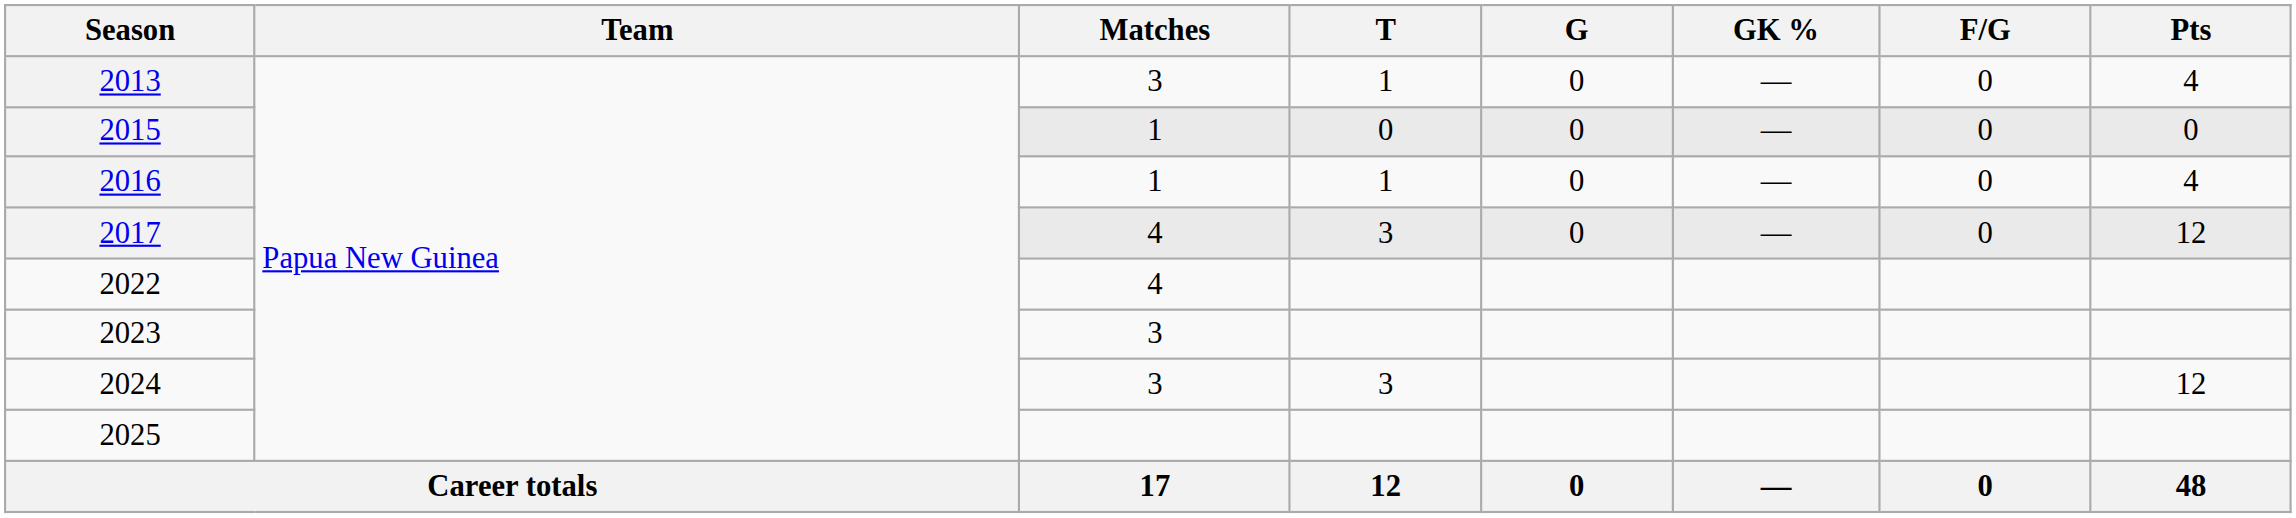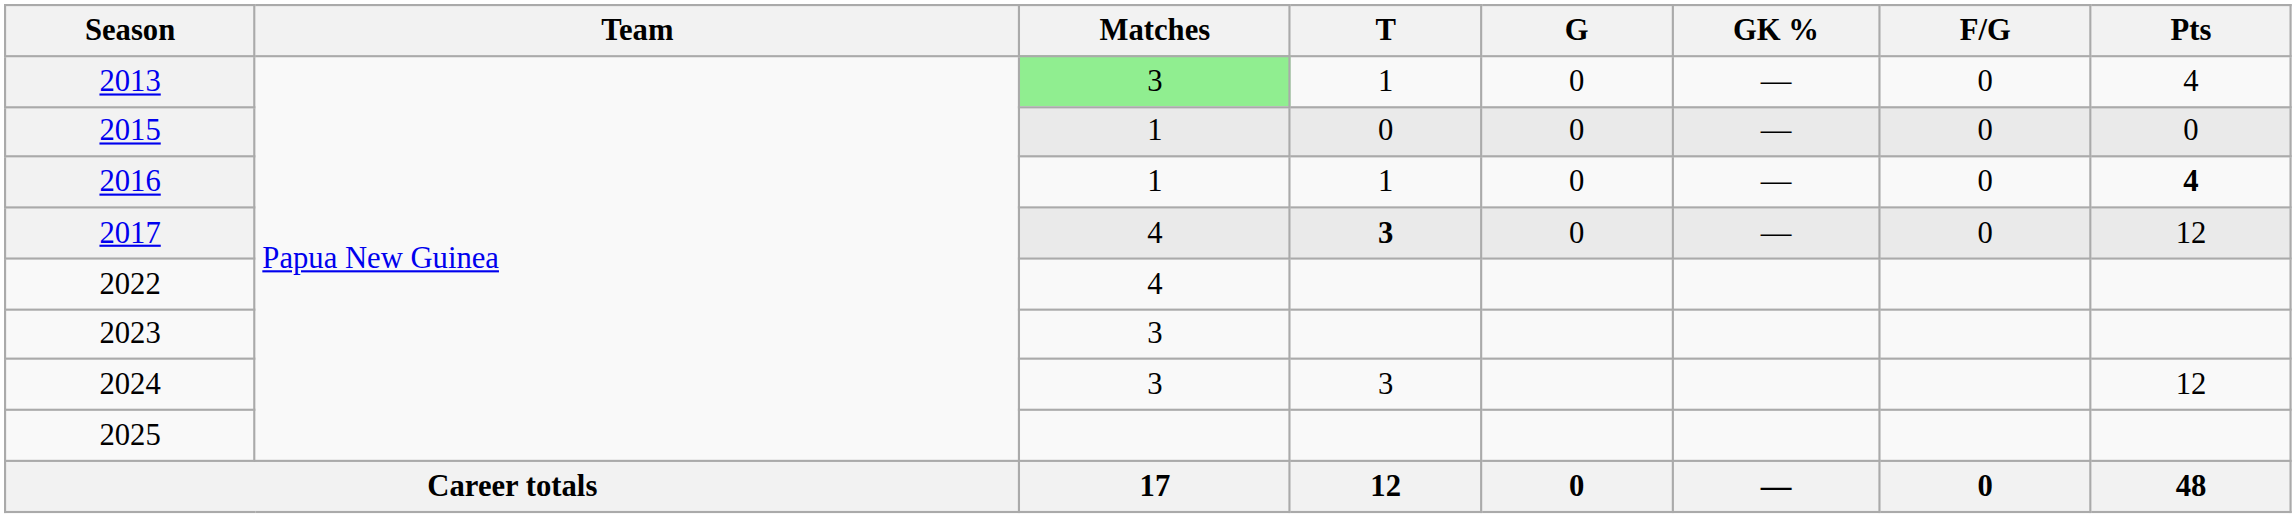 <table class="wikitable sortable"  style="font-size:90%; text-align:center; width:85%;">
 <tr>
 <th width=2%>Season</th>
 <th width=8%>Team</th>
 <th width=2%>Matches</th>
 <th width=2%>T</th>
 <th width=2%>G</th>
 <th width=2%>GK %</th>
 <th width=2%>F/G</th>
 <th width=2%>Pts</th>
 </tr>
 <tr>
 <th scope="row" style="text-align:center; font-weight:normal"><a href='#'>2013</a></th>
 <td rowspan="8" style="text-align:left;"> <a href='#'>Papua New Guinea</a></td>
-<td>3</td>
+<td style="background: lightgreen;">3</td>
 <td>1</td>
 <td>0</td>
 <td>—</td>
 <td>0</td>
 <td>4</td>
 </tr>
 <tr style="background:#eaeaea;">
 <th scope="row" style="text-align:center; font-weight:normal"><a href='#'>2015</a></th>
 <td>1</td>
 <td>0</td>
 <td>0</td>
 <td>—</td>
 <td>0</td>
 <td>0</td>
 </tr>
 <tr>
 <th scope="row" style="text-align:center; font-weight:normal"><a href='#'>2016</a></th>
 <td>1</td>
 <td>1</td>
 <td>0</td>
 <td>—</td>
 <td>0</td>
-<td>4</td>
+<td><strong>4</strong></td>
 </tr>
 <tr style="background:#eaeaea;">
 <th scope="row" style="text-align:center; font-weight:normal"><a href='#'>2017</a></th>
 <td>4</td>
-<td>3</td>
+<td><strong>3</strong></td>
 <td>0</td>
 <td>—</td>
 <td>0</td>
 <td>12</td>
 </tr>
 <tr>
 <td>2022</td>
 <td>4</td>
 <td></td>
 <td></td>
 <td></td>
 <td></td>
 <td></td>
 </tr>
 <tr>
 <td>2023</td>
 <td>3</td>
 <td></td>
 <td></td>
 <td></td>
 <td></td>
 <td></td>
 </tr>
 <tr>
 <td>2024</td>
 <td>3</td>
 <td>3</td>
 <td></td>
 <td></td>
 <td></td>
 <td>12</td>
 </tr>
 <tr>
 <td>2025</td>
 <td></td>
 <td></td>
 <td></td>
 <td></td>
 <td></td>
 <td></td>
 </tr>
 <tr class="sortbottom">
 <th colspan="2">Career totals</th>
 <th align="right">17</th>
 <th align="right">12</th>
 <th align="right"><strong>0</strong></th>
 <th>—</th>
 <th>0</th>
 <th>48</th>
 </tr>
 </table>
